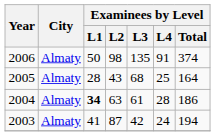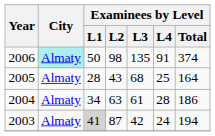 <table class="wikitable" align="right">
 <tr>
 <th rowspan=2>Year</th>
 <th rowspan=2>City</th>
 <th colspan=5>Examinees by Level</th>
 </tr>
 <tr>
 <th>L1</th>
 <th>L2</th>
 <th>L3</th>
 <th>L4</th>
 <th>Total</th>
 </tr>
 <tr>
 <td>2006</td>
-<td><a href='#'>Almaty</a></td>
+<td style="background: paleturquoise;"><a href='#'>Almaty</a></td>
 <td>50</td>
 <td>98</td>
 <td>135</td>
 <td>91</td>
 <td>374</td>
 </tr>
 <tr>
 <td>2005</td>
 <td><a href='#'>Almaty</a></td>
 <td>28</td>
 <td>43</td>
 <td>68</td>
 <td>25</td>
 <td>164</td>
 </tr>
 <tr>
 <td>2004</td>
 <td><a href='#'>Almaty</a></td>
-<td><strong>34</strong></td>
+<td>34</td>
 <td>63</td>
 <td>61</td>
 <td>28</td>
 <td>186</td>
 </tr>
 <tr>
 <td>2003</td>
 <td><a href='#'>Almaty</a></td>
-<td>41</td>
+<td style="background: lightgrey;">41</td>
 <td>87</td>
 <td>42</td>
 <td>24</td>
 <td>194</td>
 </tr>
 <tr>
 </tr>
 </table>
